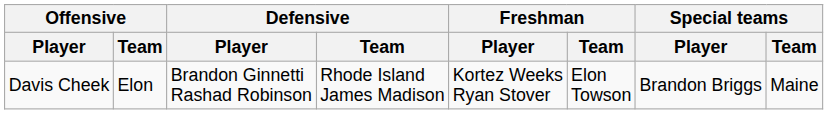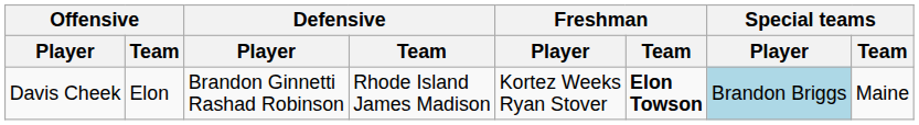 <table class="wikitable" border="1">
 <tr>
 <th colspan="2">Offensive</th>
 <th colspan="2">Defensive</th>
 <th colspan="2">Freshman</th>
 <th colspan="2">Special teams</th>
 </tr>
 <tr>
 <th>Player</th>
 <th>Team</th>
 <th>Player</th>
 <th>Team</th>
 <th>Player</th>
 <th>Team</th>
 <th>Player</th>
 <th>Team</th>
 </tr>
 <tr>
 <td>Davis Cheek</td>
 <td>Elon</td>
 <td>Brandon Ginnetti<br>Rashad Robinson</td>
 <td>Rhode Island<br>James Madison</td>
 <td>Kortez Weeks<br>Ryan Stover</td>
-<td>Elon<br>Towson</td>
-<td>Brandon Briggs</td>
+<td><strong>Elon<br>Towson</strong></td>
+<td style="background: lightblue;">Brandon Briggs</td>
 <td>Maine</td>
 </tr>
 </table>
